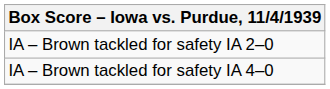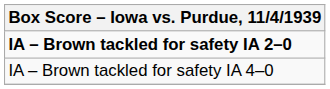 <table class="wikitable">
 <tr>
 <th>Box Score – Iowa vs. Purdue, 11/4/1939</th>
 </tr>
 <tr>
-<td>IA – Brown tackled for safety IA 2–0</td>
+<td><strong>IA – Brown tackled for safety IA 2–0</strong></td>
 </tr>
 <tr>
 <td>IA – Brown tackled for safety IA 4–0</td>
 </tr>
 <tr>
 </tr>
 </table>
